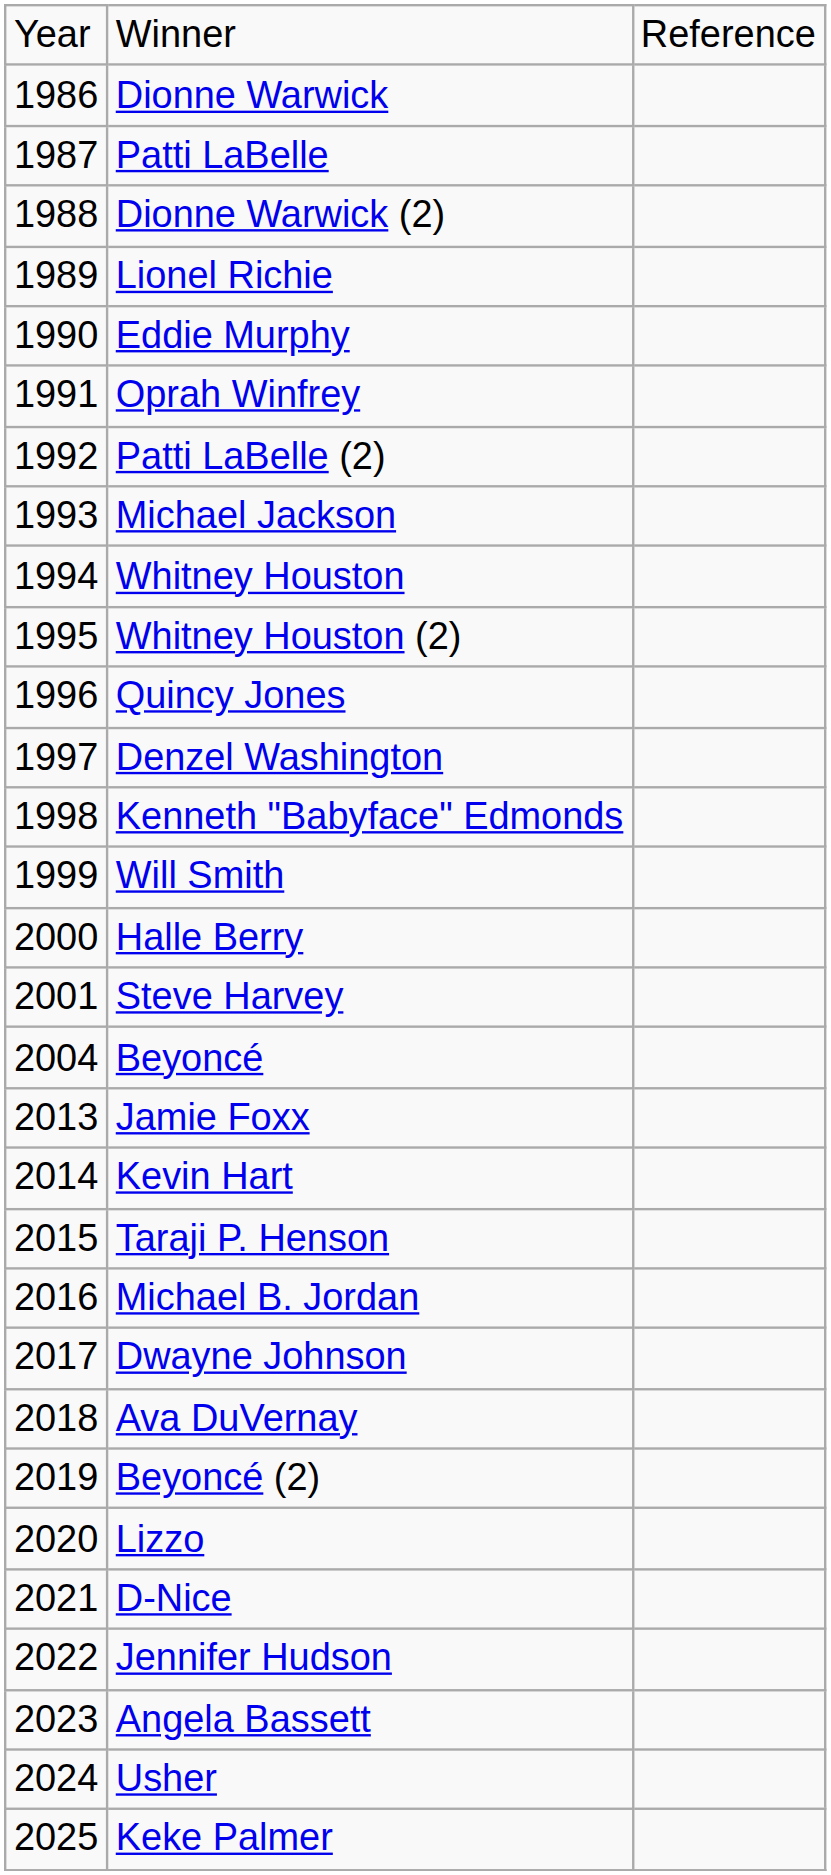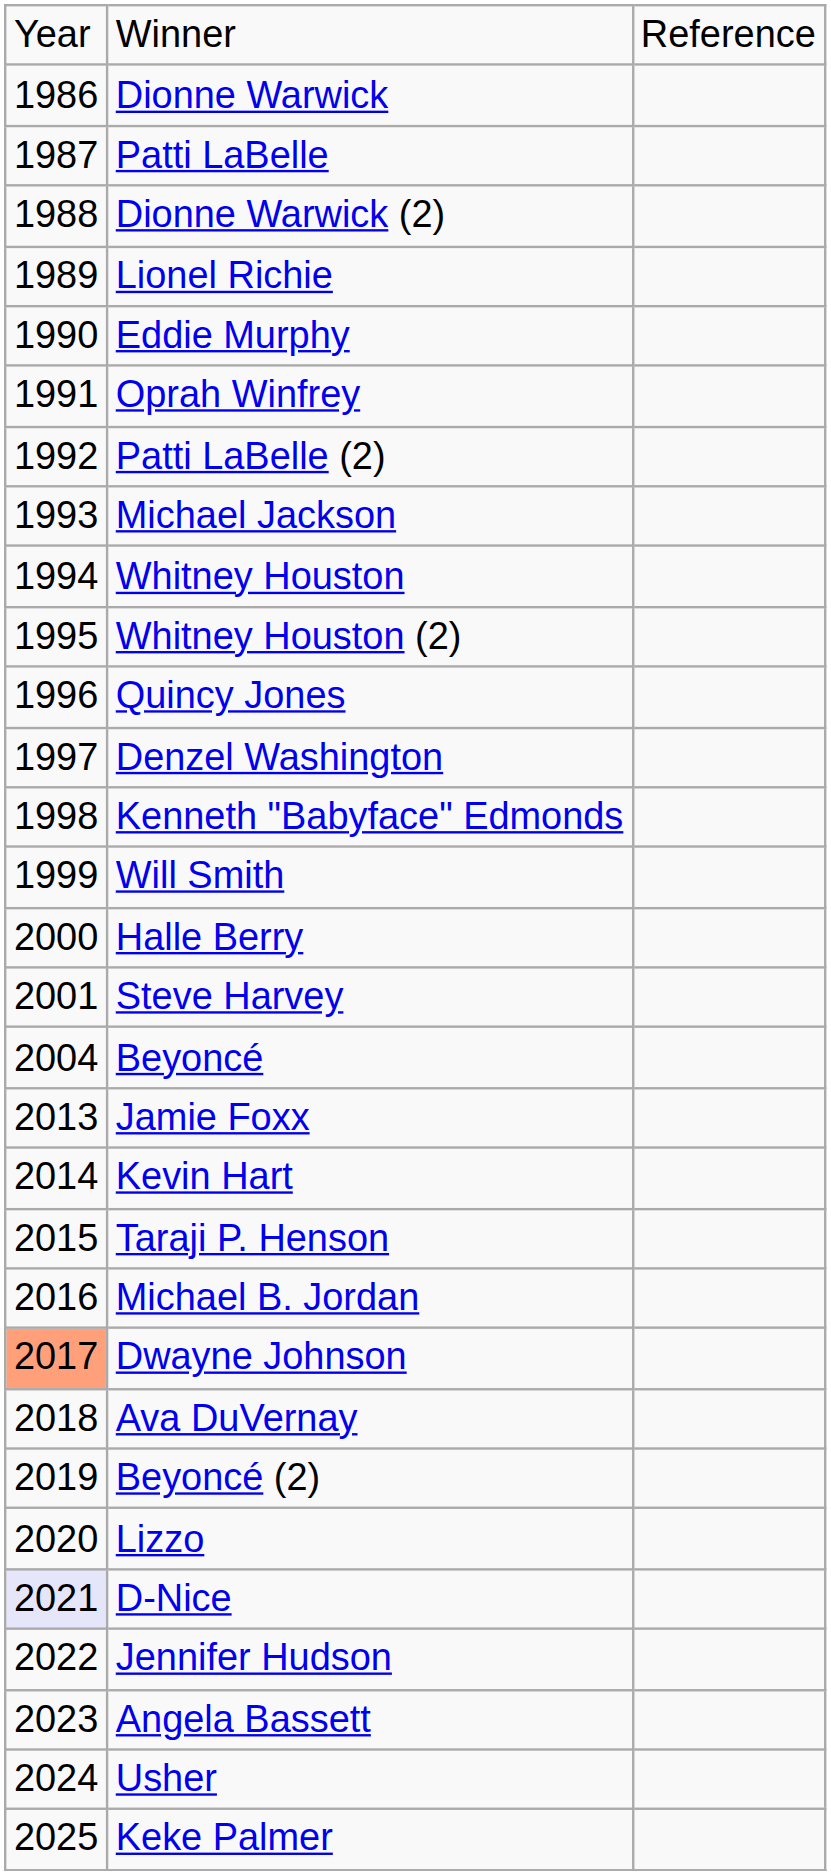 <table class="wikitable">
 <tr>
 <td>Year</td>
 <td>Winner</td>
 <td>Reference</td>
 </tr>
 <tr>
 <td>1986</td>
 <td><a href='#'>Dionne Warwick</a></td>
 <td></td>
 </tr>
 <tr>
 <td>1987</td>
 <td><a href='#'>Patti LaBelle</a></td>
 <td></td>
 </tr>
 <tr>
 <td>1988</td>
 <td><a href='#'>Dionne Warwick</a> (2)</td>
 <td></td>
 </tr>
 <tr>
 <td>1989</td>
 <td><a href='#'>Lionel Richie</a></td>
 <td></td>
 </tr>
 <tr>
 <td>1990</td>
 <td><a href='#'>Eddie Murphy</a></td>
 <td></td>
 </tr>
 <tr>
 <td>1991</td>
 <td><a href='#'>Oprah Winfrey</a></td>
 <td></td>
 </tr>
 <tr>
 <td>1992</td>
 <td><a href='#'>Patti LaBelle</a> (2)</td>
 <td></td>
 </tr>
 <tr>
 <td>1993</td>
 <td><a href='#'>Michael Jackson</a></td>
 <td></td>
 </tr>
 <tr>
 <td>1994</td>
 <td><a href='#'>Whitney Houston</a></td>
 <td></td>
 </tr>
 <tr>
 <td>1995</td>
 <td><a href='#'>Whitney Houston</a> (2)</td>
 <td></td>
 </tr>
 <tr>
 <td>1996</td>
 <td><a href='#'>Quincy Jones</a></td>
 <td></td>
 </tr>
 <tr>
 <td>1997</td>
 <td><a href='#'>Denzel Washington</a></td>
 <td></td>
 </tr>
 <tr>
 <td>1998</td>
 <td><a href='#'>Kenneth "Babyface" Edmonds</a></td>
 <td></td>
 </tr>
 <tr>
 <td>1999</td>
 <td><a href='#'>Will Smith</a></td>
 <td></td>
 </tr>
 <tr>
 <td>2000</td>
 <td><a href='#'>Halle Berry</a></td>
 <td></td>
 </tr>
 <tr>
 <td>2001</td>
 <td><a href='#'>Steve Harvey</a></td>
 <td></td>
 </tr>
 <tr>
 <td>2004</td>
 <td><a href='#'>Beyoncé</a></td>
 <td></td>
 </tr>
 <tr>
 <td>2013</td>
 <td><a href='#'>Jamie Foxx</a></td>
 <td></td>
 </tr>
 <tr>
 <td>2014</td>
 <td><a href='#'>Kevin Hart</a></td>
 <td></td>
 </tr>
 <tr>
 <td>2015</td>
 <td><a href='#'>Taraji P. Henson</a></td>
 <td></td>
 </tr>
 <tr>
 <td>2016</td>
 <td><a href='#'>Michael B. Jordan</a></td>
 <td></td>
 </tr>
 <tr>
-<td>2017</td>
+<td style="background: lightsalmon;">2017</td>
 <td><a href='#'>Dwayne Johnson</a></td>
 <td></td>
 </tr>
 <tr>
 <td>2018</td>
 <td><a href='#'>Ava DuVernay</a></td>
 <td></td>
 </tr>
 <tr>
 <td>2019</td>
 <td><a href='#'>Beyoncé</a> (2)</td>
 <td></td>
 </tr>
 <tr>
 <td>2020</td>
 <td><a href='#'>Lizzo</a></td>
 <td></td>
 </tr>
 <tr>
-<td>2021</td>
+<td style="background: lavender;">2021</td>
 <td><a href='#'>D-Nice</a></td>
 <td></td>
 </tr>
 <tr>
 <td>2022</td>
 <td><a href='#'>Jennifer Hudson</a></td>
 <td></td>
 </tr>
 <tr>
 <td>2023</td>
 <td><a href='#'>Angela Bassett</a></td>
 <td></td>
 </tr>
 <tr>
 <td>2024</td>
 <td><a href='#'>Usher</a></td>
 </tr>
 <tr>
 <td>2025</td>
 <td><a href='#'>Keke Palmer</a></td>
 <td></td>
 </tr>
 <tr>
 </tr>
 </table>
